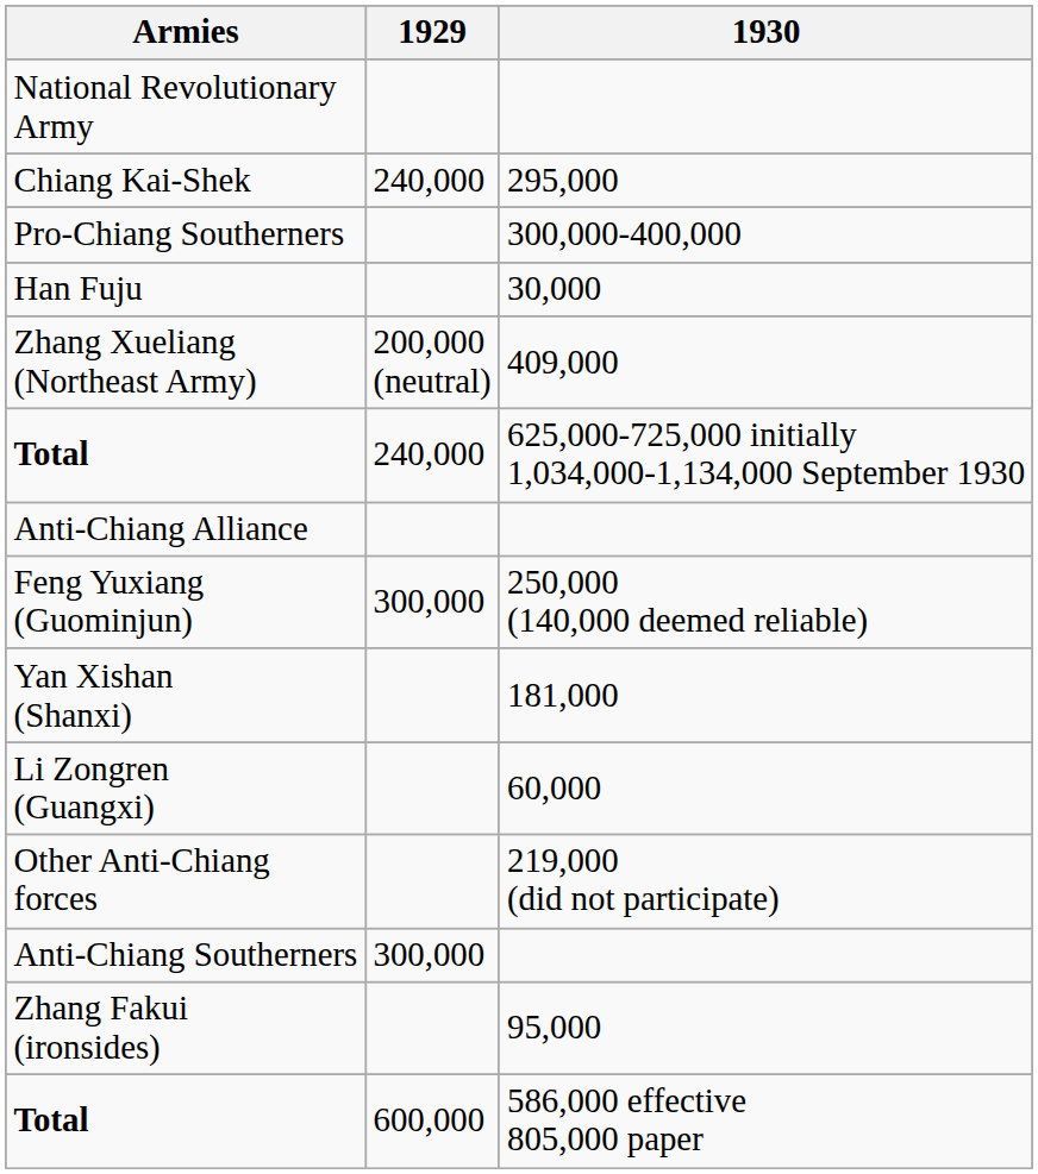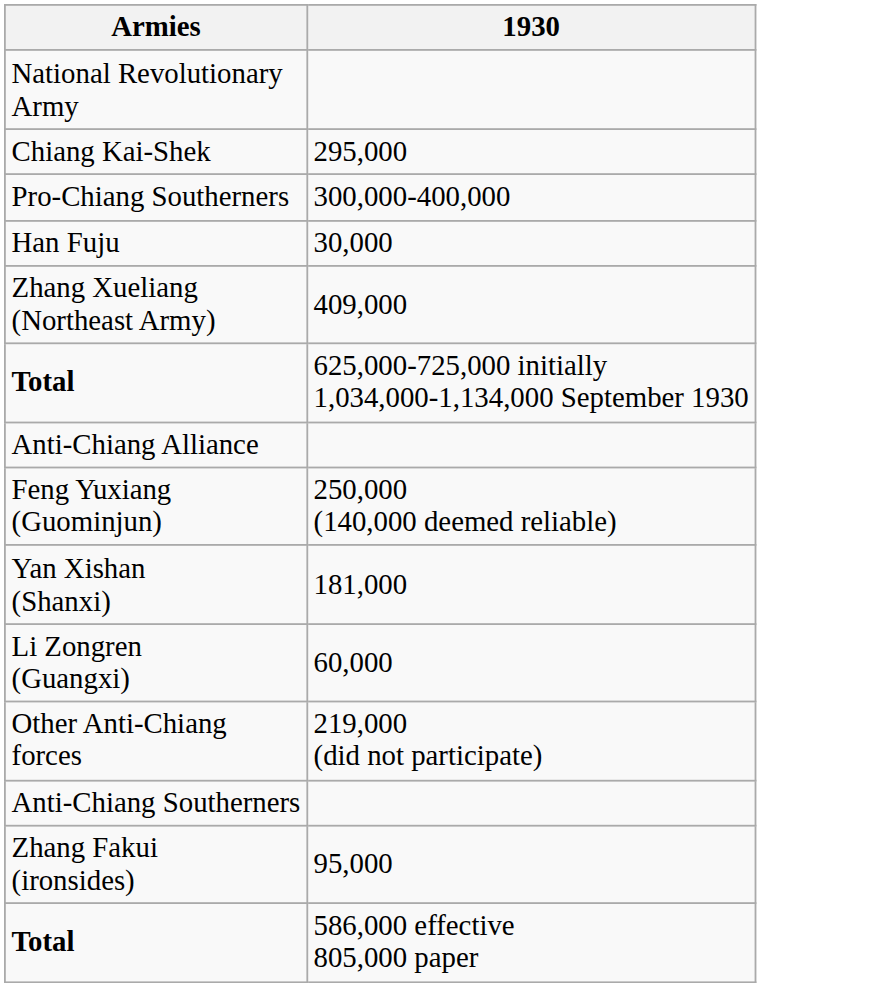 <table class="wikitable">
 <tr>
 <th>Armies</th>
-<th>1929</th>
 <th>1930</th>
 </tr>
 <tr>
 <td>National Revolutionary<br>Army</td>
 <td></td>
-<td></td>
 </tr>
 <tr>
 <td>Chiang Kai-Shek</td>
-<td>240,000</td>
 <td>295,000</td>
 </tr>
 <tr>
 <td>Pro-Chiang Southerners</td>
-<td></td>
 <td>300,000-400,000</td>
 </tr>
 <tr>
 <td>Han Fuju</td>
-<td></td>
 <td>30,000</td>
 </tr>
 <tr>
 <td>Zhang Xueliang<br>(Northeast Army)</td>
-<td>200,000<br>(neutral)</td>
 <td>409,000</td>
 </tr>
 <tr>
 <td><strong>Total</strong></td>
-<td>240,000</td>
 <td>625,000-725,000 initially<br>1,034,000-1,134,000  September 1930</td>
 </tr>
 <tr>
 <td>Anti-Chiang Alliance</td>
 <td></td>
-<td></td>
 </tr>
 <tr>
 <td>Feng Yuxiang<br>(Guominjun)</td>
-<td>300,000</td>
 <td>250,000<br>(140,000 deemed reliable)</td>
 </tr>
 <tr>
 <td>Yan Xishan<br>(Shanxi)</td>
-<td></td>
 <td>181,000</td>
 </tr>
 <tr>
 <td>Li Zongren<br>(Guangxi)</td>
-<td></td>
 <td>60,000</td>
 </tr>
 <tr>
 <td>Other Anti-Chiang<br>forces</td>
-<td></td>
 <td>219,000<br>(did not participate)</td>
 </tr>
 <tr>
 <td>Anti-Chiang Southerners</td>
-<td>300,000</td>
 <td></td>
 </tr>
 <tr>
 <td>Zhang Fakui<br>(ironsides)</td>
-<td></td>
 <td>95,000</td>
 </tr>
 <tr>
 <td><strong>Total</strong></td>
-<td>600,000</td>
 <td>586,000 effective<br>805,000 paper</td>
 </tr>
 </table>
